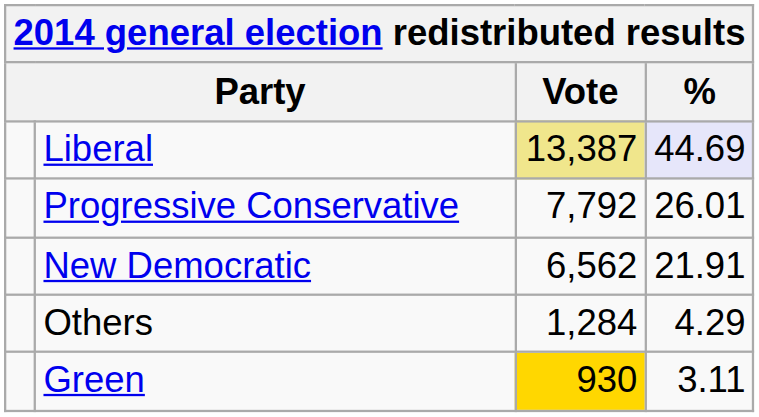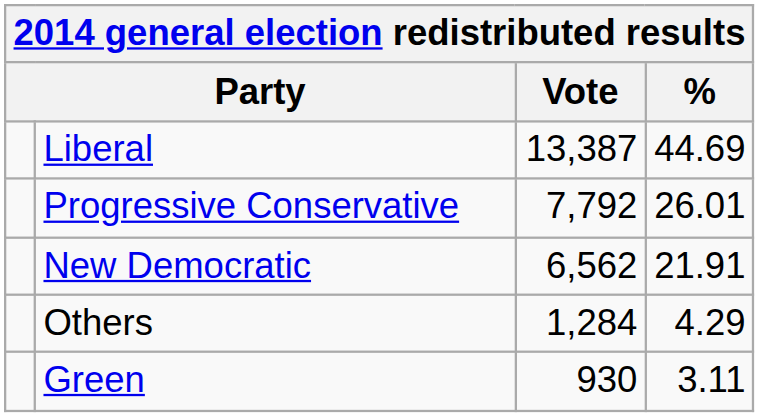 <table class="wikitable">
 <tr>
 <th colspan="4"><a href='#'>2014 general election</a> redistributed results</th>
 </tr>
 <tr>
 <th bgcolor="#DDDDFF" width="130px" colspan="2">Party</th>
 <th bgcolor="#DDDDFF" width="50px">Vote</th>
 <th bgcolor="#DDDDFF" width="30px">%</th>
 </tr>
 <tr>
 <td> </td>
 <td><a href='#'>Liberal</a></td>
-<td align=right style="background: khaki;">13,387</td>
-<td align=right style="background: lavender;">44.69</td>
+<td align=right>13,387</td>
+<td align=right>44.69</td>
 </tr>
 <tr>
 <td> </td>
 <td><a href='#'>Progressive Conservative</a></td>
 <td align=right>7,792</td>
 <td align=right>26.01</td>
 </tr>
 <tr>
 <td> </td>
 <td><a href='#'>New Democratic</a></td>
 <td align=right>6,562</td>
 <td align=right>21.91</td>
 </tr>
 <tr>
 <td> </td>
 <td>Others</td>
 <td align=right>1,284</td>
 <td align=right>4.29</td>
 </tr>
 <tr>
 <td> </td>
 <td><a href='#'>Green</a></td>
-<td align=right style="background: gold;">930</td>
+<td align=right>930</td>
 <td align=right>3.11</td>
 </tr>
 </table>
